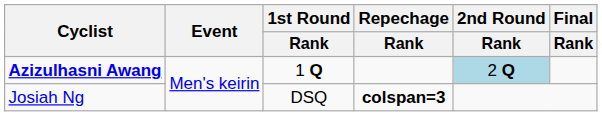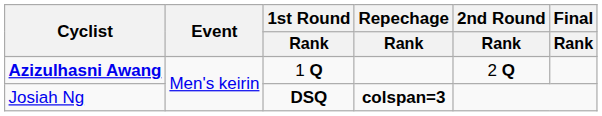 <table class="wikitable" style="font-size:90%">
 <tr>
 <th rowspan=2>Cyclist</th>
 <th rowspan=2>Event</th>
 <th>1st Round</th>
 <th>Repechage</th>
 <th>2nd Round</th>
 <th>Final</th>
 </tr>
 <tr style="font-size:95%">
 <th>Rank</th>
 <th>Rank</th>
 <th>Rank</th>
 <th>Rank</th>
 </tr>
 <tr align=center>
 <td align=left><strong><a href='#'>Azizulhasni Awang</a></strong></td>
 <td align=left rowspan=2><a href='#'>Men's keirin</a></td>
 <td>1 <strong>Q</strong></td>
 <td></td>
-<td style="background: lightblue;">2 <strong>Q</strong></td>
+<td>2 <strong>Q</strong></td>
 <td></td>
 </tr>
 <tr align=center>
 <td align=left><a href='#'>Josiah Ng</a></td>
-<td>DSQ</td>
+<td><strong>DSQ</strong></td>
 <td><strong>colspan=3 </strong></td>
 </tr>
 </table>
